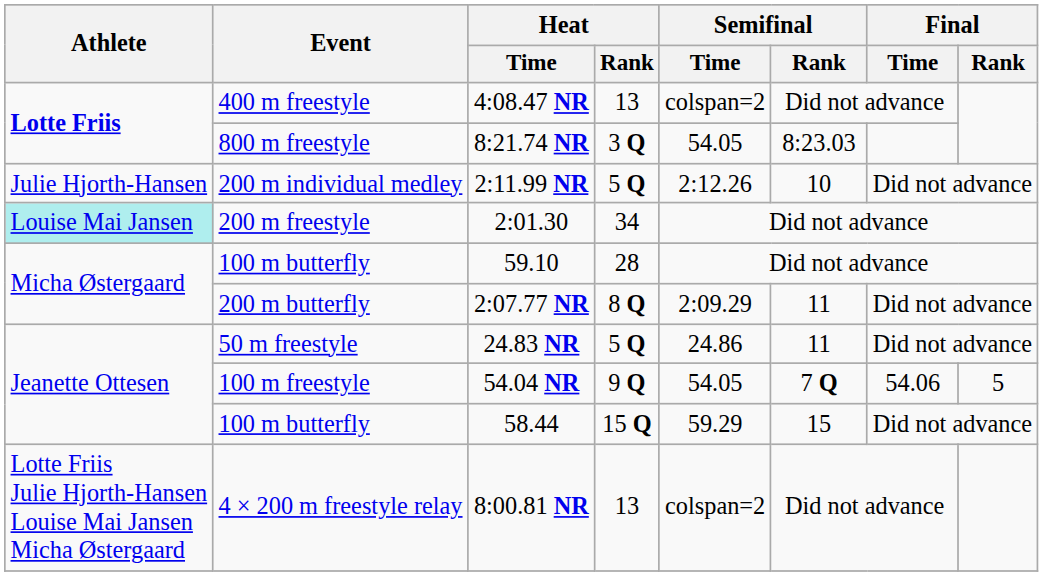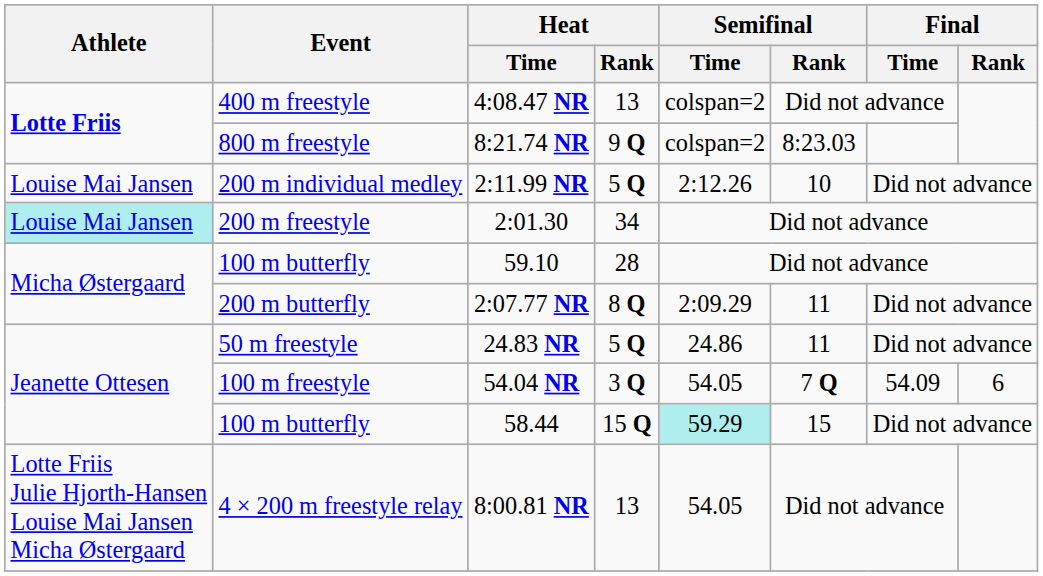 <table class=wikitable style="font-size:90%">
 <tr>
 <th rowspan="2">Athlete</th>
 <th rowspan="2">Event</th>
 <th colspan="2">Heat</th>
 <th colspan="2">Semifinal</th>
 <th colspan="2">Final</th>
 </tr>
 <tr style="font-size:95%">
 <th>Time</th>
 <th>Rank</th>
 <th>Time</th>
 <th>Rank</th>
 <th>Time</th>
 <th>Rank</th>
 </tr>
 <tr align=center>
 <td align=left rowspan=2><strong><a href='#'>Lotte Friis</a></strong></td>
 <td align=left><a href='#'>400 m freestyle</a></td>
 <td>4:08.47 <strong><a href='#'>NR</a></strong></td>
 <td>13</td>
 <td>colspan=2 </td>
 <td colspan=2>Did not advance</td>
 </tr>
 <tr align=center>
 <td align=left><a href='#'>800 m freestyle</a></td>
 <td>8:21.74 <strong><a href='#'>NR</a></strong></td>
-<td>3 <strong>Q</strong></td>
-<td>54.05</td>
+<td>9 <strong>Q</strong></td>
+<td>colspan=2 </td>
 <td>8:23.03</td>
 <td></td>
 </tr>
 <tr align=center>
-<td align=left><a href='#'>Julie Hjorth-Hansen</a></td>
+<td align=left><a href='#'>Louise Mai Jansen</a></td>
 <td align=left><a href='#'>200 m individual medley</a></td>
 <td>2:11.99 <strong><a href='#'>NR</a></strong></td>
 <td>5 <strong>Q</strong></td>
 <td>2:12.26</td>
 <td>10</td>
 <td colspan=2>Did not advance</td>
 </tr>
 <tr align=center>
 <td align=left style="background: paleturquoise;"><a href='#'>Louise Mai Jansen</a></td>
 <td align=left><a href='#'>200 m freestyle</a></td>
 <td>2:01.30</td>
 <td>34</td>
 <td colspan=4>Did not advance</td>
 </tr>
 <tr align=center>
 <td align=left rowspan=2><a href='#'>Micha Østergaard</a></td>
 <td align=left><a href='#'>100 m butterfly</a></td>
 <td>59.10</td>
 <td>28</td>
 <td colspan=4>Did not advance</td>
 </tr>
 <tr align=center>
 <td align=left><a href='#'>200 m butterfly</a></td>
 <td>2:07.77 <strong><a href='#'>NR</a></strong></td>
 <td>8 <strong>Q</strong></td>
 <td>2:09.29</td>
 <td>11</td>
 <td colspan=2>Did not advance</td>
 </tr>
 <tr align=center>
 <td align=left rowspan=3><a href='#'>Jeanette Ottesen</a></td>
 <td align=left><a href='#'>50 m freestyle</a></td>
 <td>24.83 <strong><a href='#'>NR</a></strong></td>
 <td>5 <strong>Q</strong></td>
 <td>24.86</td>
 <td>11</td>
 <td colspan=2>Did not advance</td>
 </tr>
 <tr align=center>
 <td align=left><a href='#'>100 m freestyle</a></td>
 <td>54.04 <strong><a href='#'>NR</a></strong></td>
-<td>9 <strong>Q</strong></td>
+<td>3 <strong>Q</strong></td>
 <td>54.05</td>
 <td>7 <strong>Q</strong></td>
-<td>54.06</td>
-<td>5</td>
+<td>54.09</td>
+<td>6</td>
 </tr>
 <tr align=center>
 <td align=left><a href='#'>100 m butterfly</a></td>
 <td>58.44</td>
 <td>15 <strong>Q</strong></td>
-<td>59.29</td>
+<td style="background: paleturquoise;">59.29</td>
 <td>15</td>
 <td colspan=2>Did not advance</td>
 </tr>
 <tr align=center>
 <td align=left><a href='#'>Lotte Friis</a><br><a href='#'>Julie Hjorth-Hansen</a><br><a href='#'>Louise Mai Jansen</a><br><a href='#'>Micha Østergaard</a></td>
 <td align=left><a href='#'>4 × 200 m freestyle relay</a></td>
 <td>8:00.81 <strong><a href='#'>NR</a></strong></td>
 <td>13</td>
-<td>colspan=2 </td>
+<td>54.05</td>
 <td colspan=2>Did not advance</td>
 </tr>
 </table>
